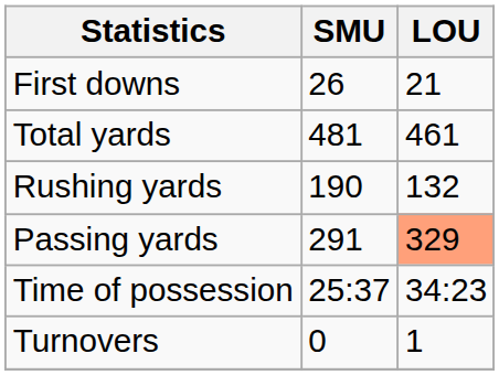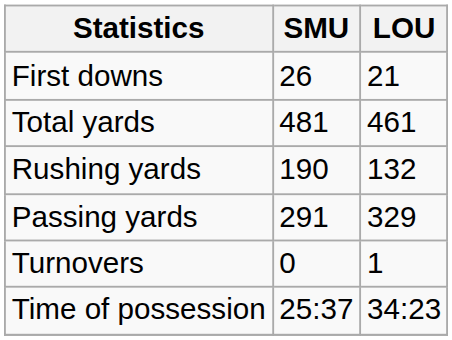 <table class="wikitable" style="float: left;">
 <tr>
 <th>Statistics</th>
 <th>SMU</th>
 <th>LOU</th>
 </tr>
 <tr>
 <td>First downs</td>
 <td>26</td>
 <td>21</td>
 </tr>
 <tr>
 <td>Total yards</td>
 <td>481</td>
 <td>461</td>
 </tr>
 <tr>
 <td>Rushing yards</td>
 <td>190</td>
 <td>132</td>
 </tr>
 <tr>
 <td>Passing yards</td>
 <td>291</td>
-<td style="background: lightsalmon;">329</td>
+<td>329</td>
+</tr>
+<tr>
+<td>Turnovers</td>
+<td>0</td>
+<td>1</td>
 </tr>
 <tr>
 <td>Time of possession</td>
 <td>25:37</td>
 <td>34:23</td>
 </tr>
 <tr>
-<td>Turnovers</td>
-<td>0</td>
-<td>1</td>
-</tr>
-<tr>
 </tr>
 </table>
